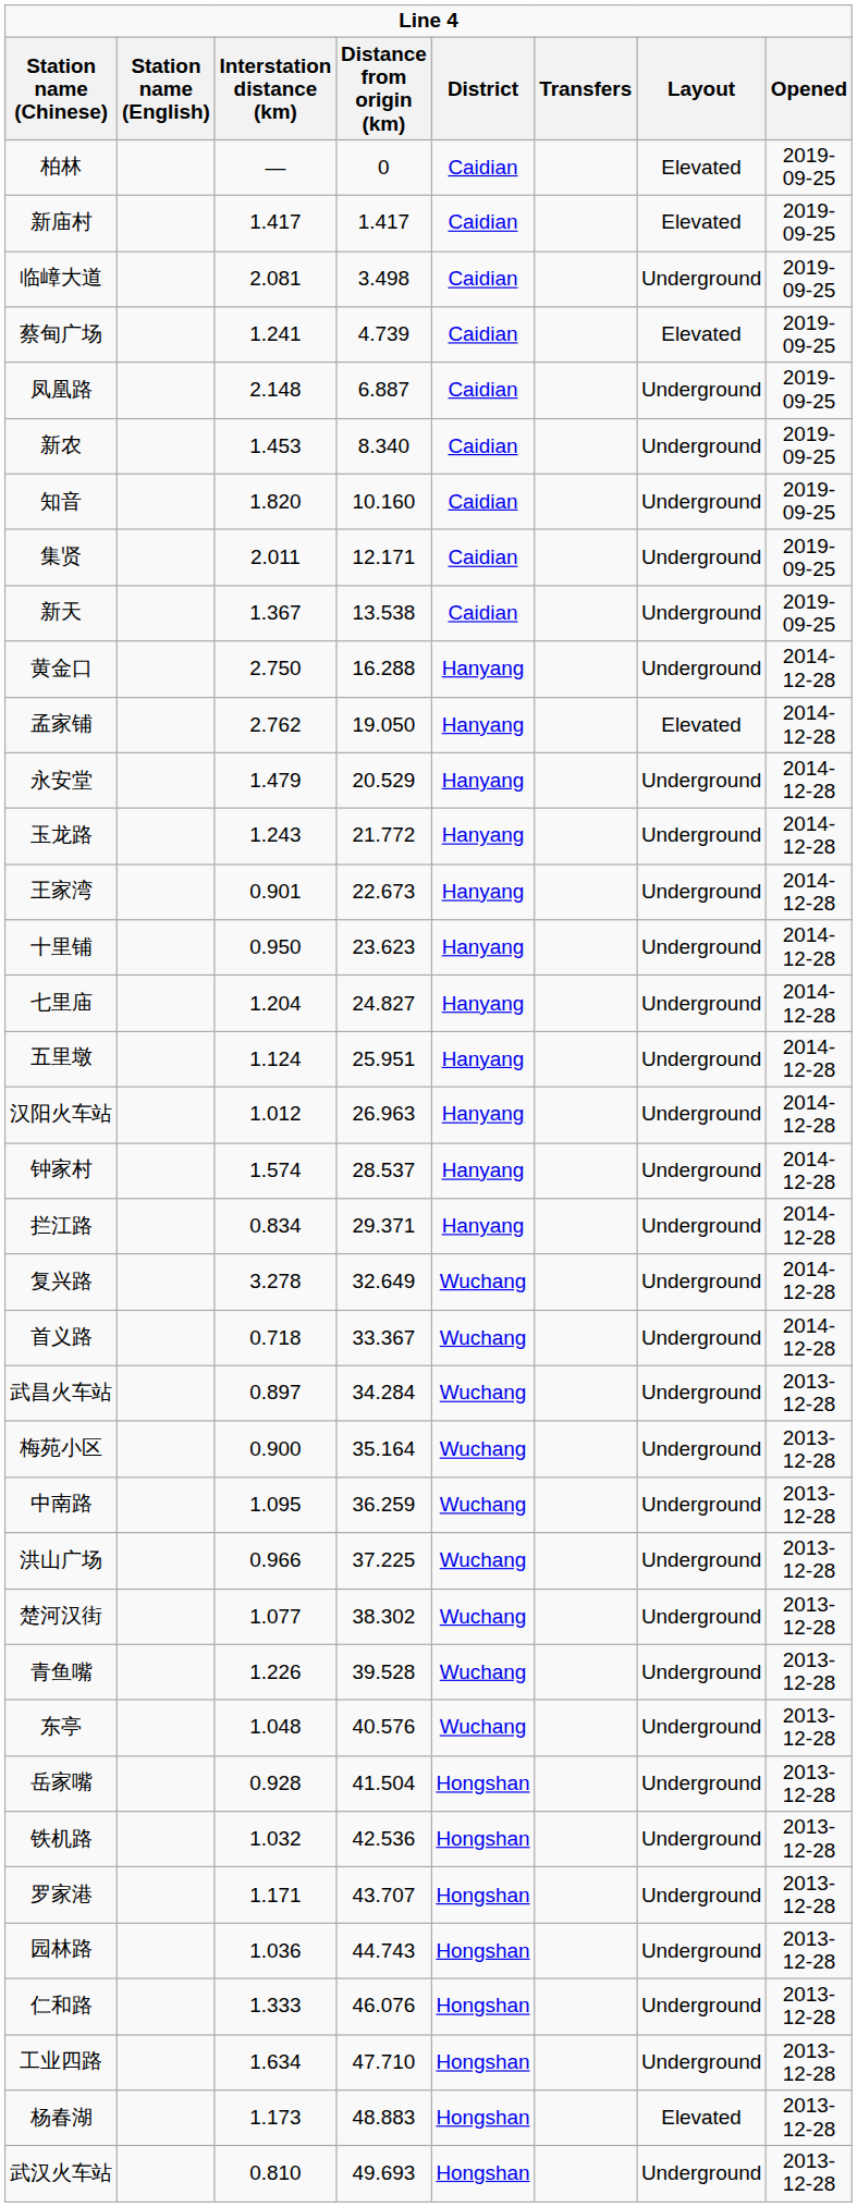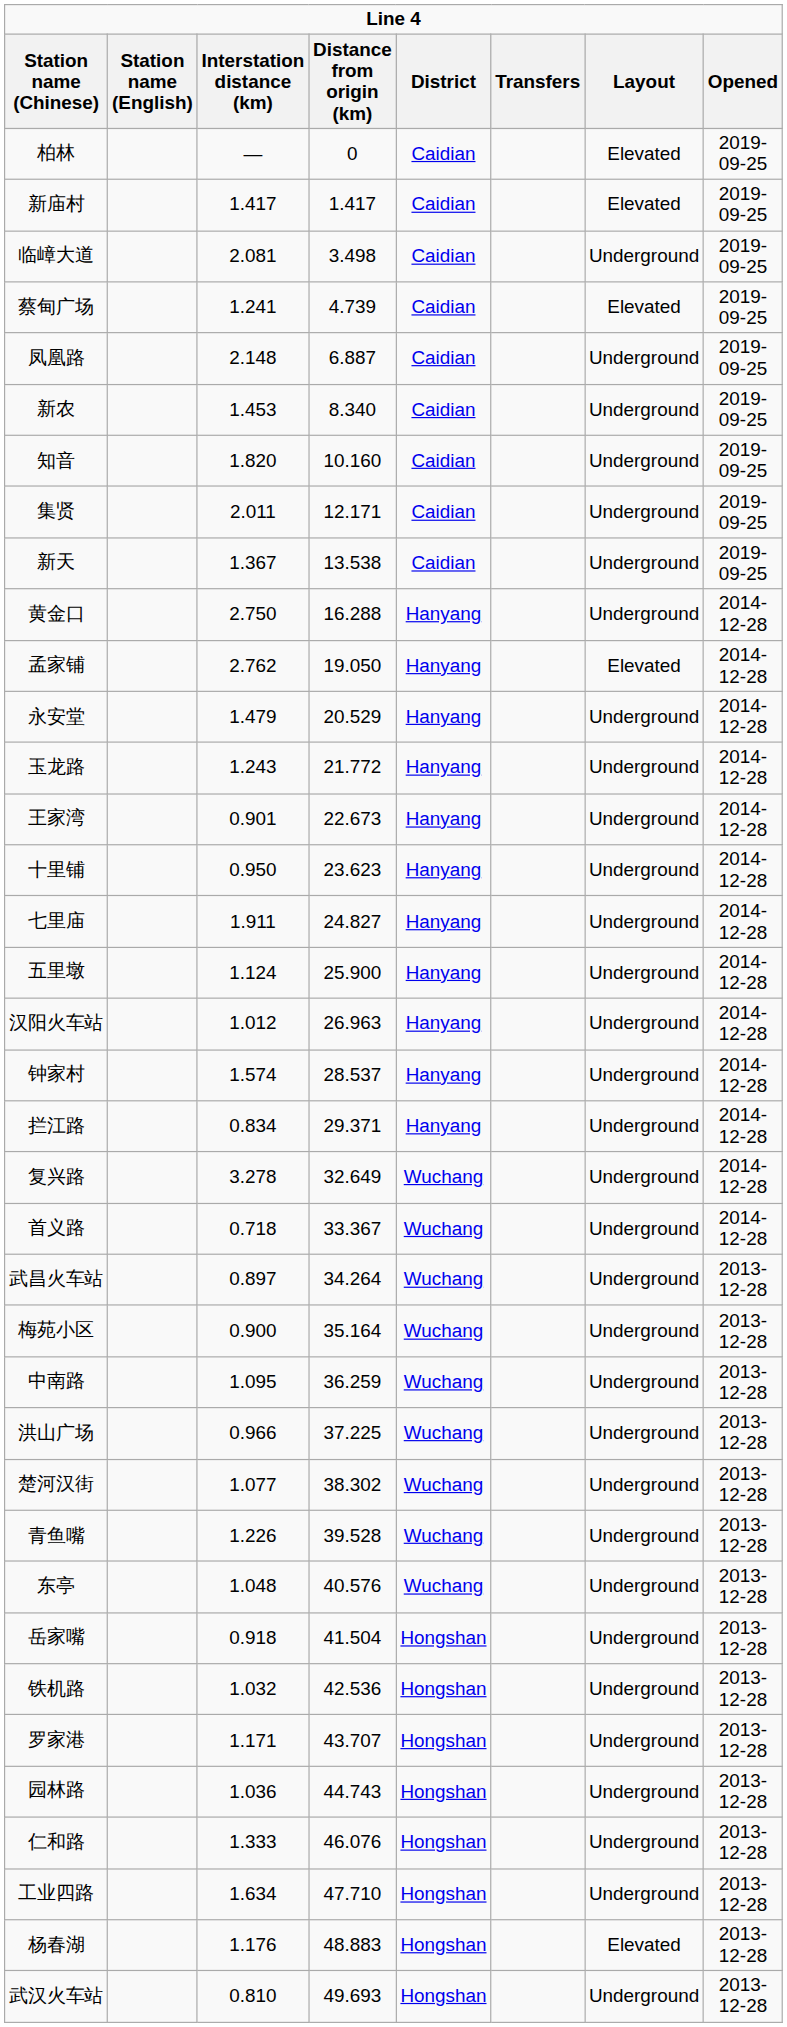 <table class="wikitable" style="width:100%; text-align: center;">
 <tr>
 <td align=center colspan=10><span><strong>Line 4</strong></span></td>
 </tr>
 <tr bgcolor="#CCCCCC">
 <th>Station name<br>(Chinese)</th>
 <th>Station name<br>(English)</th>
 <th>Interstation<br>distance (km)</th>
 <th>Distance<br>from origin (km)</th>
 <th>District</th>
 <th>Transfers</th>
 <th>Layout</th>
 <th>Opened</th>
 </tr>
 <tr>
 <td>柏林</td>
 <td></td>
 <td>—</td>
 <td>0</td>
 <td><a href='#'>Caidian</a></td>
 <td></td>
 <td>Elevated</td>
 <td>2019-09-25</td>
 </tr>
 <tr>
 <td>新庙村</td>
 <td></td>
 <td>1.417</td>
 <td>1.417</td>
 <td><a href='#'>Caidian</a></td>
 <td></td>
 <td>Elevated</td>
 <td>2019-09-25</td>
 </tr>
 <tr>
 <td>临嶂大道</td>
 <td></td>
 <td>2.081</td>
 <td>3.498</td>
 <td><a href='#'>Caidian</a></td>
 <td></td>
 <td>Underground</td>
 <td>2019-09-25</td>
 </tr>
 <tr>
 <td>蔡甸广场</td>
 <td></td>
 <td>1.241</td>
 <td>4.739</td>
 <td><a href='#'>Caidian</a></td>
 <td></td>
 <td>Elevated</td>
 <td>2019-09-25</td>
 </tr>
 <tr>
 <td>凤凰路</td>
 <td></td>
 <td>2.148</td>
 <td>6.887</td>
 <td><a href='#'>Caidian</a></td>
 <td></td>
 <td>Underground</td>
 <td>2019-09-25</td>
 </tr>
 <tr>
 <td>新农</td>
 <td></td>
 <td>1.453</td>
 <td>8.340</td>
 <td><a href='#'>Caidian</a></td>
 <td></td>
 <td>Underground</td>
 <td>2019-09-25</td>
 </tr>
 <tr>
 <td>知音</td>
 <td></td>
 <td>1.820</td>
 <td>10.160</td>
 <td><a href='#'>Caidian</a></td>
 <td></td>
 <td>Underground</td>
 <td>2019-09-25</td>
 </tr>
 <tr>
 <td>集贤</td>
 <td></td>
 <td>2.011</td>
 <td>12.171</td>
 <td><a href='#'>Caidian</a></td>
 <td></td>
 <td>Underground</td>
 <td>2019-09-25</td>
 </tr>
 <tr>
 <td>新天</td>
 <td></td>
 <td>1.367</td>
 <td>13.538</td>
 <td><a href='#'>Caidian</a></td>
 <td></td>
 <td>Underground</td>
 <td>2019-09-25</td>
 </tr>
 <tr>
 <td>黄金口</td>
 <td></td>
 <td>2.750</td>
 <td>16.288</td>
 <td><a href='#'>Hanyang</a></td>
 <td></td>
 <td>Underground</td>
 <td>2014-12-28</td>
 </tr>
 <tr>
 <td>孟家铺</td>
 <td></td>
 <td>2.762</td>
 <td>19.050</td>
 <td><a href='#'>Hanyang</a></td>
 <td></td>
 <td>Elevated</td>
 <td>2014-12-28</td>
 </tr>
 <tr>
 <td>永安堂</td>
 <td></td>
 <td>1.479</td>
 <td>20.529</td>
 <td><a href='#'>Hanyang</a></td>
 <td></td>
 <td>Underground</td>
 <td>2014-12-28</td>
 </tr>
 <tr>
 <td>玉龙路</td>
 <td></td>
 <td>1.243</td>
 <td>21.772</td>
 <td><a href='#'>Hanyang</a></td>
 <td></td>
 <td>Underground</td>
 <td>2014-12-28</td>
 </tr>
 <tr>
 <td>王家湾</td>
 <td></td>
 <td>0.901</td>
 <td>22.673</td>
 <td><a href='#'>Hanyang</a></td>
 <td></td>
 <td>Underground</td>
 <td>2014-12-28</td>
 </tr>
 <tr>
 <td>十里铺</td>
 <td></td>
 <td>0.950</td>
 <td>23.623</td>
 <td><a href='#'>Hanyang</a></td>
 <td><em></em></td>
 <td>Underground</td>
 <td>2014-12-28</td>
 </tr>
 <tr>
 <td>七里庙</td>
 <td></td>
-<td>1.204</td>
+<td>1.911</td>
 <td>24.827</td>
 <td><a href='#'>Hanyang</a></td>
 <td></td>
 <td>Underground</td>
 <td>2014-12-28</td>
 </tr>
 <tr>
 <td>五里墩</td>
 <td></td>
 <td>1.124</td>
-<td>25.951</td>
+<td>25.900</td>
 <td><a href='#'>Hanyang</a></td>
 <td><em></em></td>
 <td>Underground</td>
 <td>2014-12-28</td>
 </tr>
 <tr>
 <td style="white-space:nowrap">汉阳火车站</td>
 <td></td>
 <td>1.012</td>
 <td>26.963</td>
 <td><a href='#'>Hanyang</a></td>
 <td></td>
 <td>Underground</td>
 <td>2014-12-28</td>
 </tr>
 <tr>
 <td>钟家村</td>
 <td></td>
 <td>1.574</td>
 <td>28.537</td>
 <td><a href='#'>Hanyang</a></td>
 <td></td>
 <td>Underground</td>
 <td>2014-12-28</td>
 </tr>
 <tr>
 <td>拦江路</td>
 <td></td>
 <td>0.834</td>
 <td>29.371</td>
 <td><a href='#'>Hanyang</a></td>
 <td></td>
 <td>Underground</td>
 <td>2014-12-28</td>
 </tr>
 <tr>
 <td>复兴路</td>
 <td></td>
 <td>3.278</td>
 <td>32.649</td>
 <td><a href='#'>Wuchang</a></td>
 <td></td>
 <td>Underground</td>
 <td>2014-12-28</td>
 </tr>
 <tr>
 <td>首义路</td>
 <td></td>
 <td>0.718</td>
 <td>33.367</td>
 <td><a href='#'>Wuchang</a></td>
 <td></td>
 <td>Underground</td>
 <td>2014-12-28</td>
 </tr>
 <tr>
 <td style="white-space:nowrap">武昌火车站</td>
 <td></td>
 <td>0.897</td>
-<td>34.284</td>
+<td>34.264</td>
 <td><a href='#'>Wuchang</a></td>
 <td></td>
 <td>Underground</td>
 <td>2013-12-28</td>
 </tr>
 <tr>
 <td>梅苑小区</td>
 <td></td>
 <td>0.900</td>
 <td>35.164</td>
 <td><a href='#'>Wuchang</a></td>
 <td></td>
 <td>Underground</td>
 <td>2013-12-28</td>
 </tr>
 <tr>
 <td>中南路</td>
 <td></td>
 <td>1.095</td>
 <td>36.259</td>
 <td><a href='#'>Wuchang</a></td>
 <td></td>
 <td>Underground</td>
 <td>2013-12-28</td>
 </tr>
 <tr>
 <td>洪山广场</td>
 <td></td>
 <td>0.966</td>
 <td>37.225</td>
 <td><a href='#'>Wuchang</a></td>
 <td></td>
 <td>Underground</td>
 <td>2013-12-28</td>
 </tr>
 <tr>
 <td>楚河汉街</td>
 <td></td>
 <td>1.077</td>
 <td>38.302</td>
 <td><a href='#'>Wuchang</a></td>
 <td></td>
 <td>Underground</td>
 <td>2013-12-28</td>
 </tr>
 <tr>
 <td>青鱼嘴</td>
 <td></td>
 <td>1.226</td>
 <td>39.528</td>
 <td><a href='#'>Wuchang</a></td>
 <td></td>
 <td>Underground</td>
 <td>2013-12-28</td>
 </tr>
 <tr>
 <td>东亭</td>
 <td></td>
 <td>1.048</td>
 <td>40.576</td>
 <td><a href='#'>Wuchang</a></td>
 <td></td>
 <td>Underground</td>
 <td>2013-12-28</td>
 </tr>
 <tr>
 <td>岳家嘴</td>
 <td></td>
-<td>0.928</td>
+<td>0.918</td>
 <td>41.504</td>
 <td><a href='#'>Hongshan</a></td>
 <td></td>
 <td>Underground</td>
 <td>2013-12-28</td>
 </tr>
 <tr>
 <td>铁机路</td>
 <td></td>
 <td>1.032</td>
 <td>42.536</td>
 <td><a href='#'>Hongshan</a></td>
 <td></td>
 <td>Underground</td>
 <td>2013-12-28</td>
 </tr>
 <tr>
 <td>罗家港</td>
 <td></td>
 <td>1.171</td>
 <td>43.707</td>
 <td><a href='#'>Hongshan</a></td>
 <td></td>
 <td>Underground</td>
 <td>2013-12-28</td>
 </tr>
 <tr>
 <td>园林路</td>
 <td></td>
 <td>1.036</td>
 <td>44.743</td>
 <td><a href='#'>Hongshan</a></td>
 <td><em></em></td>
 <td>Underground</td>
 <td>2013-12-28</td>
 </tr>
 <tr>
 <td>仁和路</td>
 <td></td>
 <td>1.333</td>
 <td>46.076</td>
 <td><a href='#'>Hongshan</a></td>
 <td></td>
 <td>Underground</td>
 <td>2013-12-28</td>
 </tr>
 <tr>
 <td>工业四路</td>
 <td></td>
 <td>1.634</td>
 <td>47.710</td>
 <td><a href='#'>Hongshan</a></td>
 <td></td>
 <td>Underground</td>
 <td>2013-12-28</td>
 </tr>
 <tr>
 <td>杨春湖</td>
 <td></td>
-<td>1.173</td>
+<td>1.176</td>
 <td>48.883</td>
 <td><a href='#'>Hongshan</a></td>
 <td></td>
 <td>Elevated</td>
 <td>2013-12-28</td>
 </tr>
 <tr>
 <td style="white-space:nowrap">武汉火车站</td>
 <td></td>
 <td>0.810</td>
 <td>49.693</td>
 <td><a href='#'>Hongshan</a></td>
 <td>  </td>
 <td>Underground</td>
 <td>2013-12-28</td>
 </tr>
 </table>
